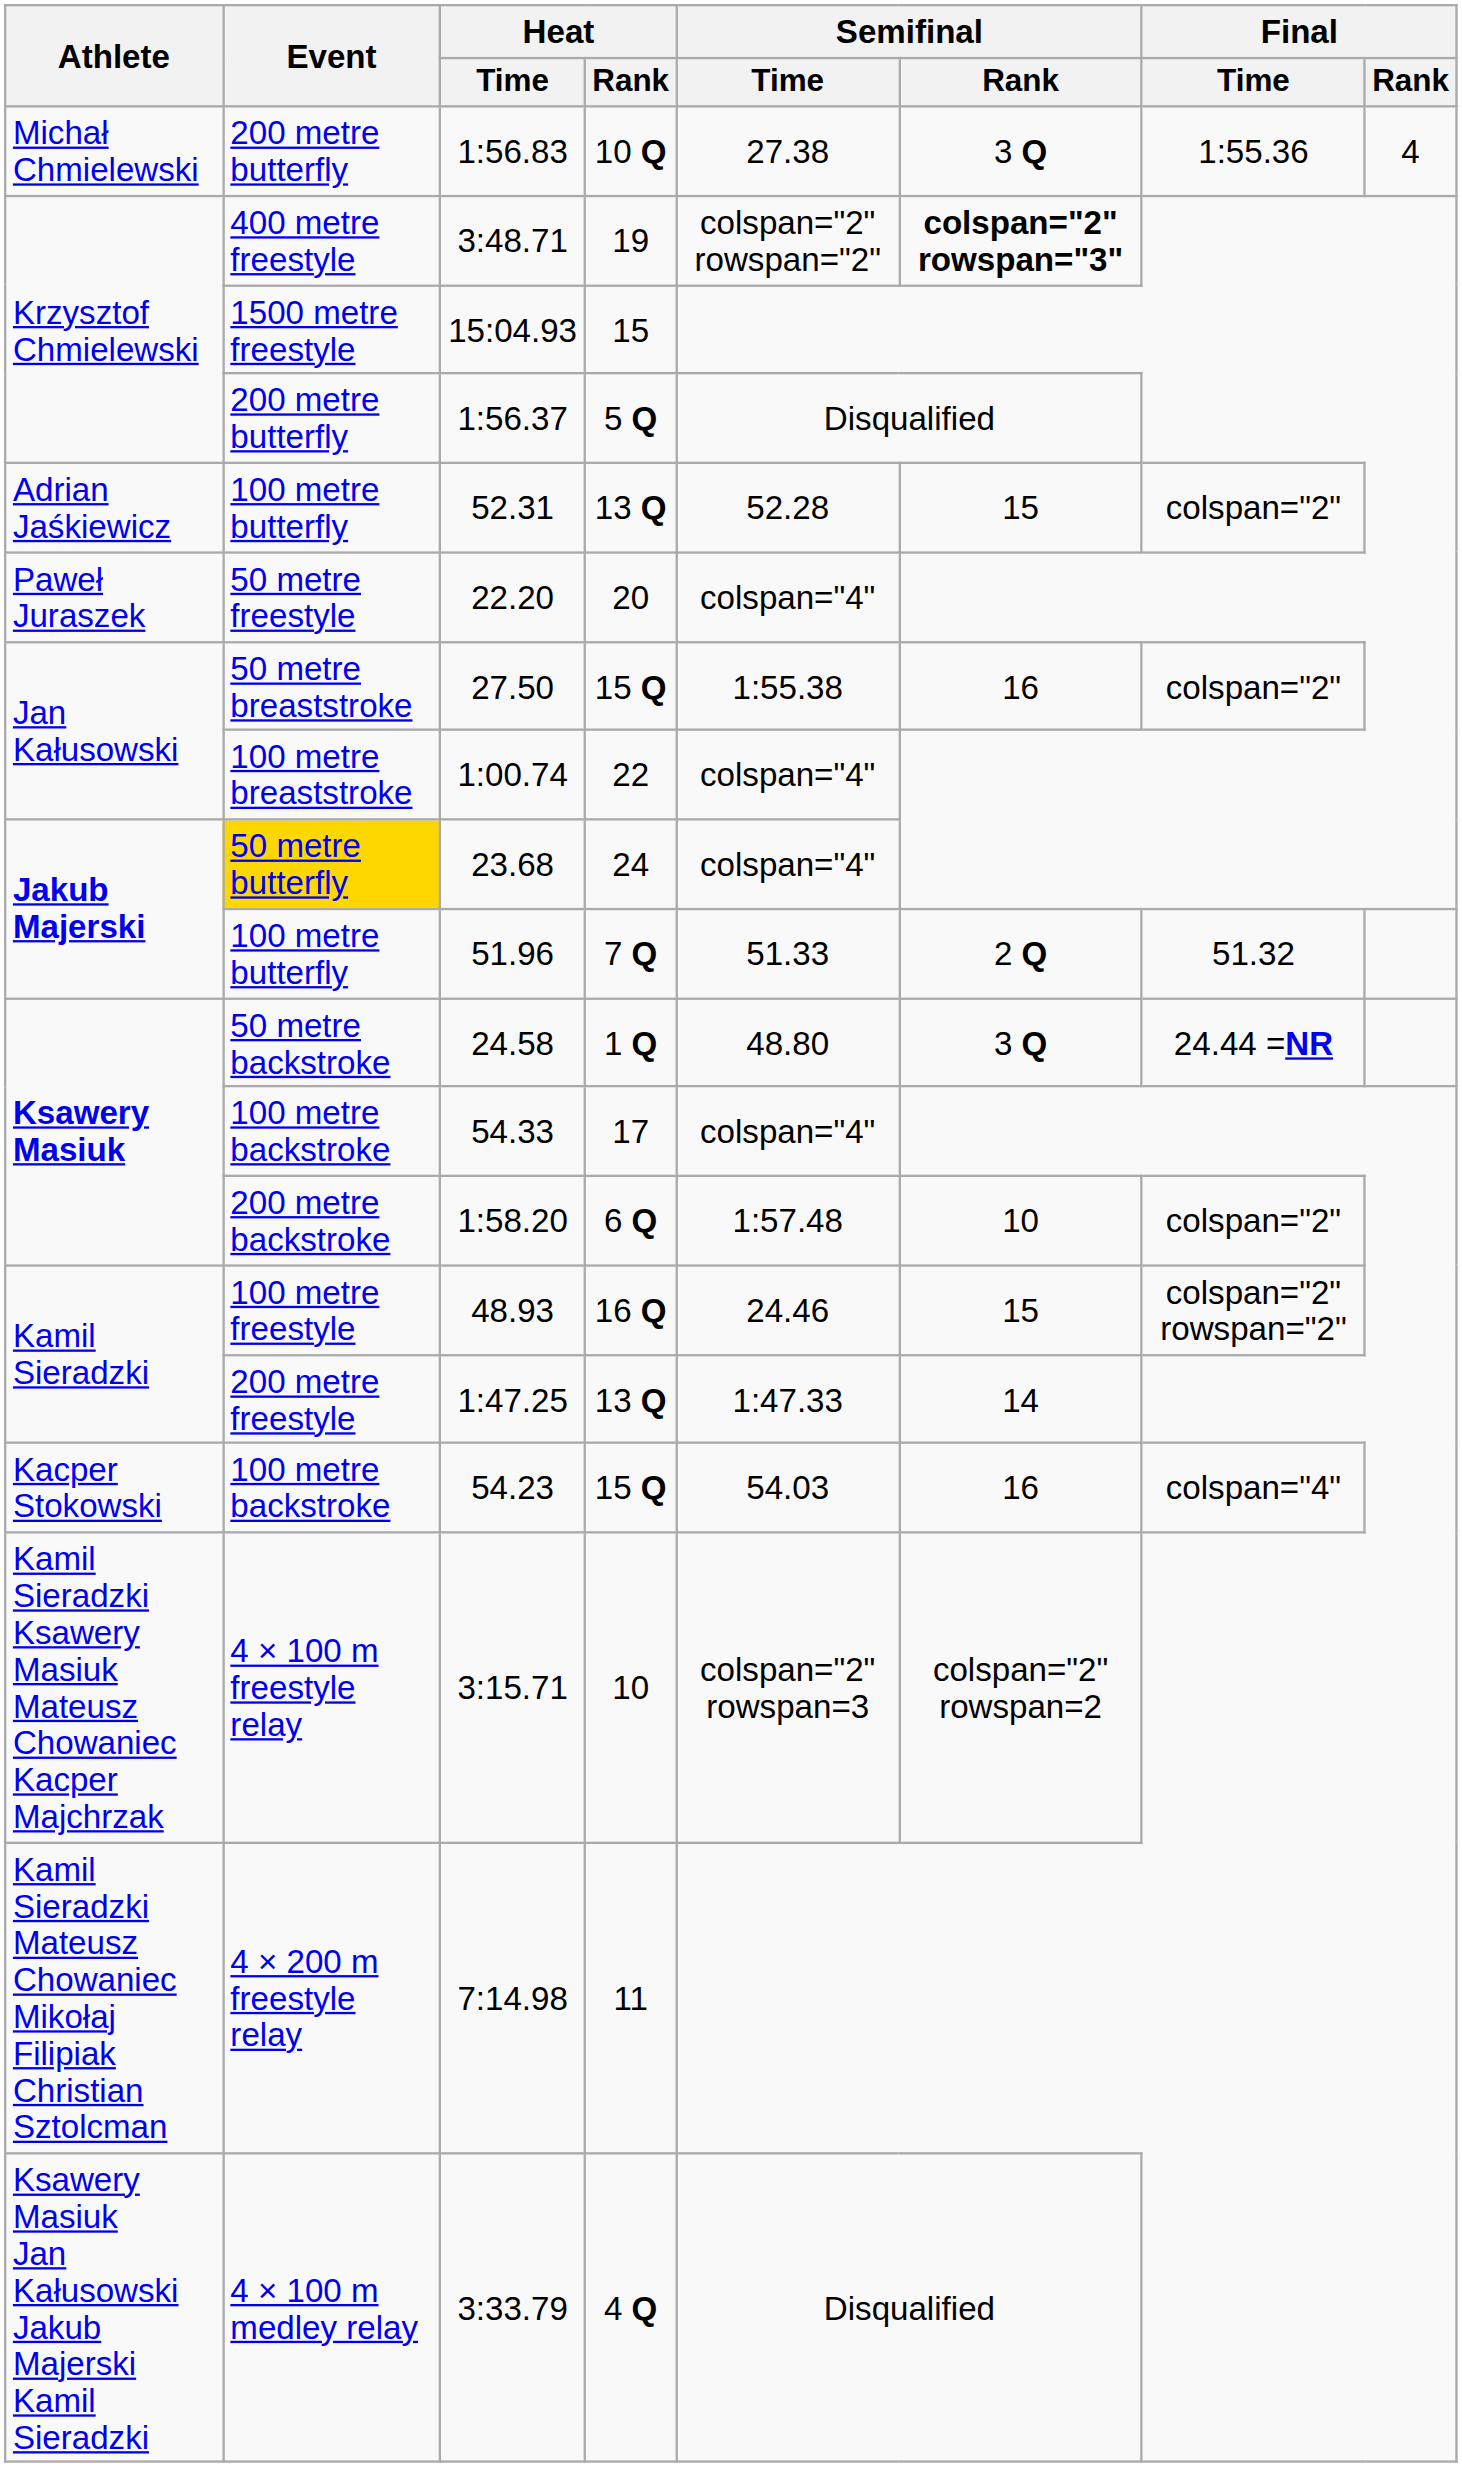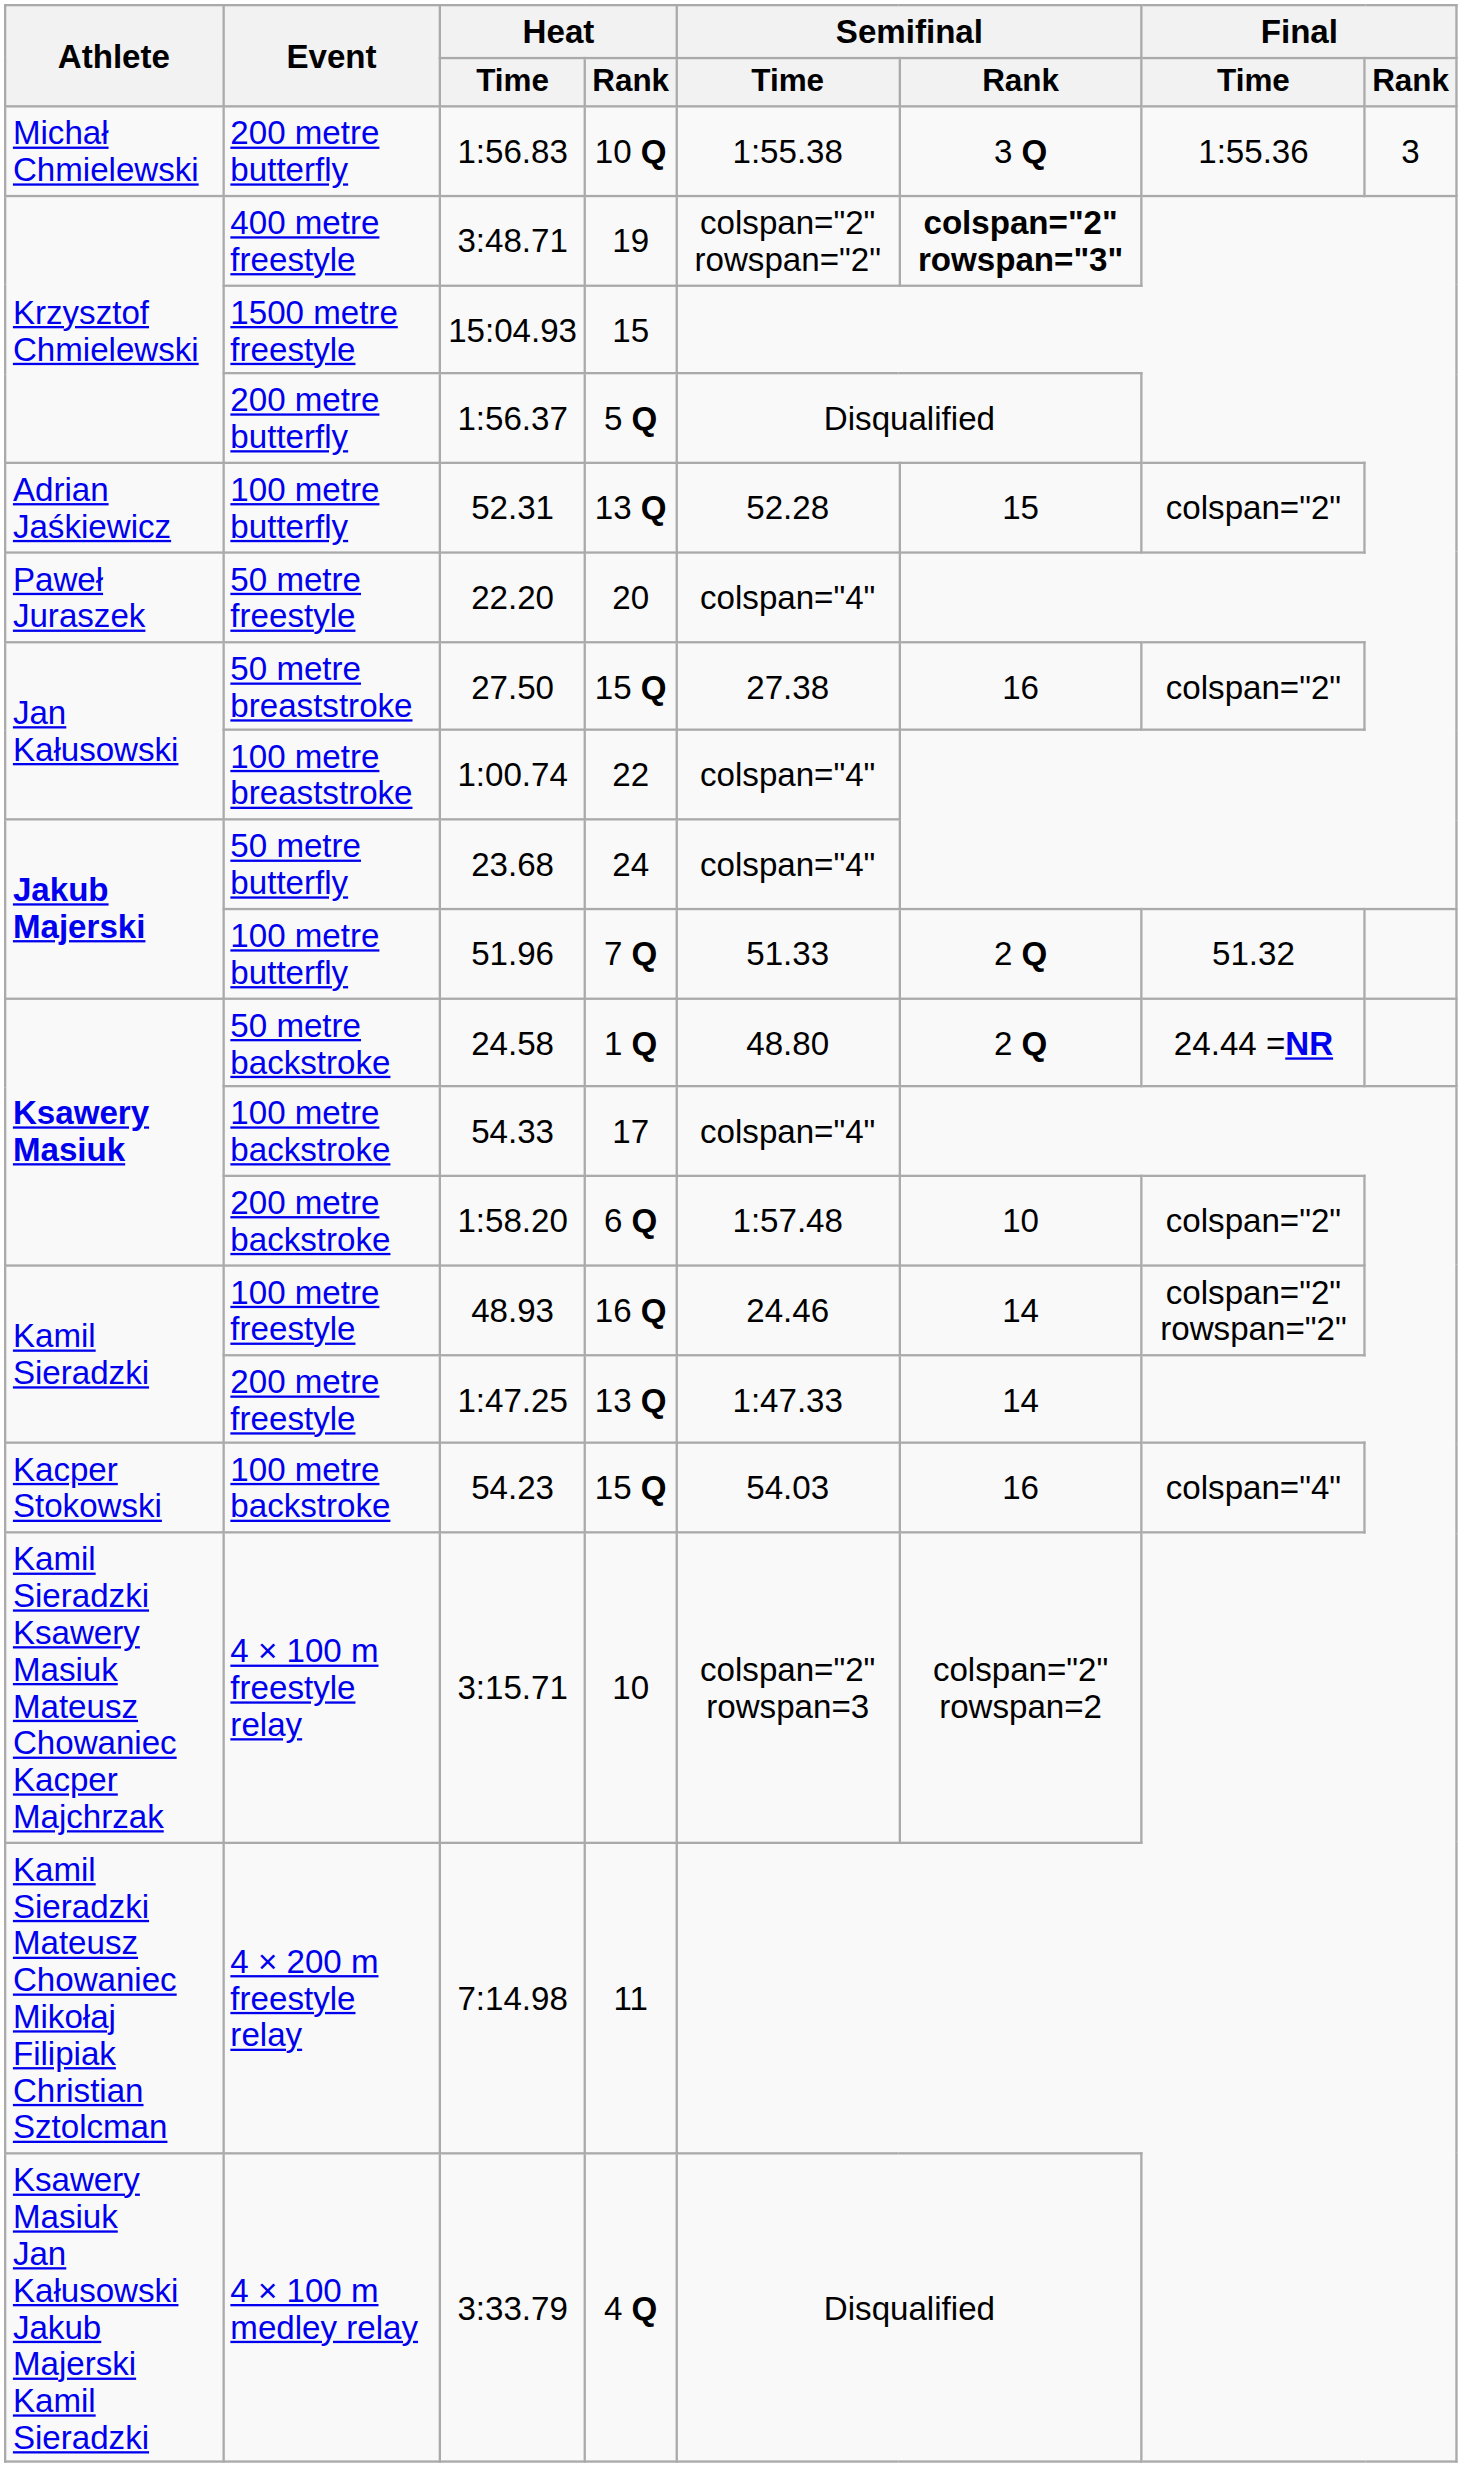 <table class="wikitable" style="text-align:center; font-size:90%; width:50%;">
 <tr>
 <th rowspan="2">Athlete</th>
 <th rowspan="2">Event</th>
 <th colspan="2">Heat</th>
 <th colspan="2">Semifinal</th>
 <th colspan="2">Final</th>
 </tr>
 <tr style="font-size:95%">
 <th>Time</th>
 <th>Rank</th>
 <th>Time</th>
 <th>Rank</th>
 <th>Time</th>
 <th>Rank</th>
 </tr>
 <tr align=center>
 <td align=left><a href='#'>Michał Chmielewski</a></td>
 <td align=left><a href='#'>200 metre butterfly</a></td>
 <td>1:56.83</td>
 <td>10 <strong>Q</strong></td>
-<td>27.38</td>
+<td>1:55.38</td>
 <td>3 <strong>Q</strong></td>
 <td>1:55.36</td>
-<td>4</td>
+<td>3</td>
 </tr>
 <tr align=center>
 <td align=left rowspan="3"><a href='#'>Krzysztof Chmielewski</a></td>
 <td align=left><a href='#'>400 metre freestyle</a></td>
 <td>3:48.71</td>
 <td>19</td>
 <td>colspan="2" rowspan="2" </td>
 <td><strong>colspan="2" rowspan="3" </strong></td>
 </tr>
 <tr align=center>
 <td align=left><a href='#'>1500 metre freestyle</a></td>
 <td>15:04.93</td>
 <td>15</td>
 </tr>
 <tr align=center>
 <td align=left><a href='#'>200 metre butterfly</a></td>
 <td>1:56.37</td>
 <td>5 <strong>Q</strong></td>
 <td colspan=2>Disqualified</td>
 </tr>
 <tr align=center>
 <td align=left><a href='#'>Adrian Jaśkiewicz</a></td>
 <td align=left><a href='#'>100 metre butterfly</a></td>
 <td>52.31</td>
 <td>13 <strong>Q</strong></td>
 <td>52.28</td>
 <td>15</td>
 <td>colspan="2" </td>
 </tr>
 <tr align=center>
 <td align=left><a href='#'>Paweł Juraszek</a></td>
 <td align=left><a href='#'>50 metre freestyle</a></td>
 <td>22.20</td>
 <td>20</td>
 <td>colspan="4" </td>
 </tr>
 <tr align=center>
 <td align=left rowspan="2"><a href='#'>Jan Kałusowski</a></td>
 <td align=left><a href='#'>50 metre breaststroke</a></td>
 <td>27.50</td>
 <td>15 <strong>Q</strong></td>
-<td>1:55.38</td>
+<td>27.38</td>
 <td>16</td>
 <td>colspan="2" </td>
 </tr>
 <tr align=center>
 <td align=left><a href='#'>100 metre breaststroke</a></td>
 <td>1:00.74</td>
 <td>22</td>
 <td>colspan="4" </td>
 </tr>
 <tr align=center>
 <td align=left rowspan="2"><strong><a href='#'>Jakub Majerski</a></strong></td>
-<td align=left style="background: gold;"><a href='#'>50 metre butterfly</a></td>
+<td align=left><a href='#'>50 metre butterfly</a></td>
 <td>23.68</td>
 <td>24</td>
 <td>colspan="4" </td>
 </tr>
 <tr align=center>
 <td align=left><a href='#'>100 metre butterfly</a></td>
 <td>51.96</td>
 <td>7 <strong>Q</strong></td>
 <td>51.33</td>
 <td>2 <strong>Q</strong></td>
 <td>51.32</td>
 <td></td>
 </tr>
 <tr align=center>
 <td align=left rowspan="3"><strong><a href='#'>Ksawery Masiuk</a></strong></td>
 <td align=left><a href='#'>50 metre backstroke</a></td>
 <td>24.58</td>
 <td>1 <strong>Q</strong></td>
 <td>48.80</td>
-<td>3 <strong>Q</strong></td>
+<td>2 <strong>Q</strong></td>
 <td>24.44 =<strong><a href='#'>NR</a></strong></td>
 <td></td>
 </tr>
 <tr align=center>
 <td align=left><a href='#'>100 metre backstroke</a></td>
 <td>54.33</td>
 <td>17</td>
 <td>colspan="4" </td>
 </tr>
 <tr align=center>
 <td align=left><a href='#'>200 metre backstroke</a></td>
 <td>1:58.20</td>
 <td>6 <strong>Q</strong></td>
 <td>1:57.48</td>
 <td>10</td>
 <td>colspan="2" </td>
 </tr>
 <tr align=center>
 <td align=left rowspan="2"><a href='#'>Kamil Sieradzki</a></td>
 <td align=left><a href='#'>100 metre freestyle</a></td>
 <td>48.93</td>
 <td>16 <strong>Q</strong></td>
 <td>24.46</td>
-<td>15</td>
+<td>14</td>
 <td>colspan="2" rowspan="2"</td>
 </tr>
 <tr align=center>
 <td align=left><a href='#'>200 metre freestyle</a></td>
 <td>1:47.25</td>
 <td>13 <strong>Q</strong></td>
 <td>1:47.33</td>
 <td>14</td>
 </tr>
 <tr align=center>
 <td align=left><a href='#'>Kacper Stokowski</a></td>
 <td align=left><a href='#'>100 metre backstroke</a></td>
 <td>54.23</td>
 <td>15 <strong>Q</strong></td>
 <td>54.03</td>
 <td>16</td>
 <td>colspan="4" </td>
 </tr>
 <tr align=center>
 <td align=left><a href='#'>Kamil Sieradzki</a> <br><a href='#'>Ksawery Masiuk</a> <br><a href='#'>Mateusz Chowaniec</a> <br><a href='#'>Kacper Majchrzak</a></td>
 <td align=left><a href='#'>4 × 100 m freestyle relay</a></td>
 <td>3:15.71</td>
 <td>10</td>
 <td>colspan="2" rowspan=3 </td>
 <td>colspan="2" rowspan=2 </td>
 </tr>
 <tr align=center>
 <td align=left><a href='#'>Kamil Sieradzki</a><br><a href='#'>Mateusz Chowaniec</a> <br><a href='#'>Mikołaj Filipiak</a> <br><a href='#'>Christian Sztolcman</a></td>
 <td align=left><a href='#'>4 × 200 m freestyle relay</a></td>
 <td>7:14.98</td>
 <td>11</td>
 </tr>
 <tr align=center>
 <td align=left><a href='#'>Ksawery Masiuk</a> <br><a href='#'>Jan Kałusowski</a><br><a href='#'>Jakub Majerski</a><br><a href='#'>Kamil Sieradzki</a></td>
 <td align=left><a href='#'>4 × 100 m medley relay</a></td>
 <td>3:33.79</td>
 <td>4 <strong>Q</strong></td>
 <td colspan="2">Disqualified</td>
 </tr>
 </table>
